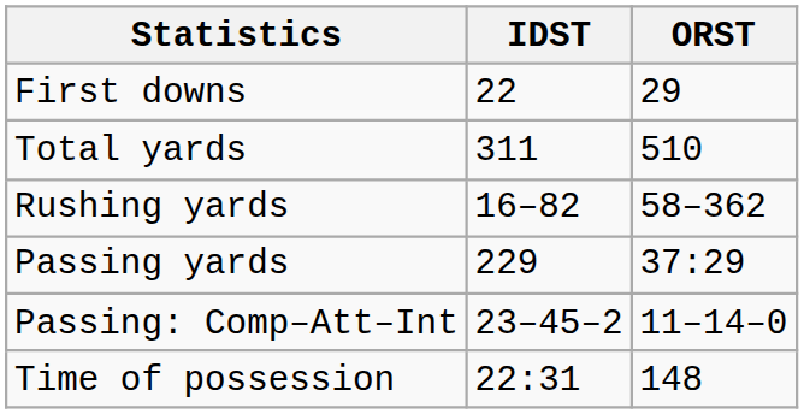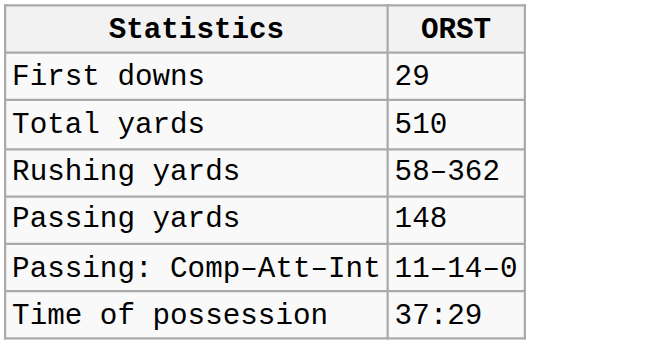 <table class="wikitable" style="float: left;">
 <tr>
 <th>Statistics</th>
-<th>IDST</th>
 <th>ORST</th>
 </tr>
 <tr>
 <td>First downs</td>
-<td>22</td>
 <td>29</td>
 </tr>
 <tr>
 <td>Total yards</td>
-<td>311</td>
 <td>510</td>
 </tr>
 <tr>
 <td>Rushing yards</td>
-<td>16–82</td>
 <td>58–362</td>
 </tr>
 <tr>
 <td>Passing yards</td>
-<td>229</td>
-<td>37:29</td>
+<td>148</td>
 </tr>
 <tr>
 <td>Passing: Comp–Att–Int</td>
-<td>23–45–2</td>
 <td>11–14–0</td>
 </tr>
 <tr>
 <td>Time of possession</td>
-<td>22:31</td>
-<td>148</td>
+<td>37:29</td>
 </tr>
 </table>
